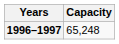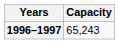 <table class="wikitable">
 <tr>
 <th scope="row">Years</th>
 <th scope="row">Capacity</th>
 </tr>
 <tr>
 <th scope="row">1996–1997</th>
-<td>65,248</td>
+<td>65,243</td>
 </tr>
 </table>
